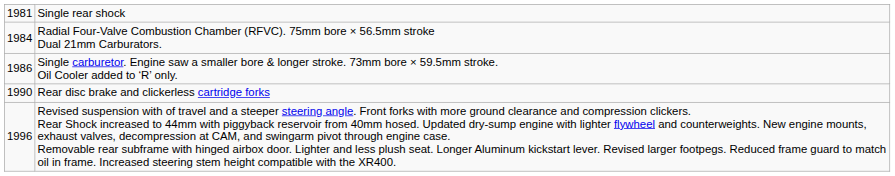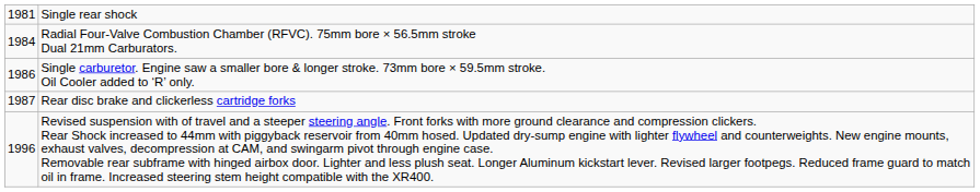 <table class="wikitable">
 <tr>
 <td>1981</td>
 <td>Single rear shock</td>
 </tr>
 <tr>
 <td>1984</td>
 <td>Radial Four-Valve Combustion Chamber (RFVC).   75mm bore × 56.5mm stroke<br>Dual 21mm Carburators.</td>
 </tr>
 <tr>
 <td>1986</td>
 <td>Single <a href='#'>carburetor</a>. Engine saw a smaller bore & longer stroke.  73mm bore × 59.5mm stroke.<br>Oil Cooler added to ‘R’ only.</td>
 </tr>
 <tr>
-<td>1990</td>
+<td>1987</td>
 <td>Rear disc brake and clickerless <a href='#'>cartridge forks</a></td>
 </tr>
 <tr>
 <td>1996</td>
 <td>Revised suspension with  of travel and a steeper <a href='#'>steering angle</a>.  Front forks with more ground clearance and compression clickers.<br>Rear Shock increased to 44mm with piggyback reservoir from 40mm hosed.  Updated dry-sump engine with lighter <a href='#'>flywheel</a> and counterweights. New engine mounts, exhaust valves, decompression at CAM, and swingarm pivot through engine case.<br>Removable rear subframe with hinged airbox door. Lighter and less plush seat. Longer Aluminum kickstart lever. Revised larger footpegs. Reduced frame guard to match oil in frame. Increased steering stem height compatible with the XR400.</td>
 </tr>
 </table>
